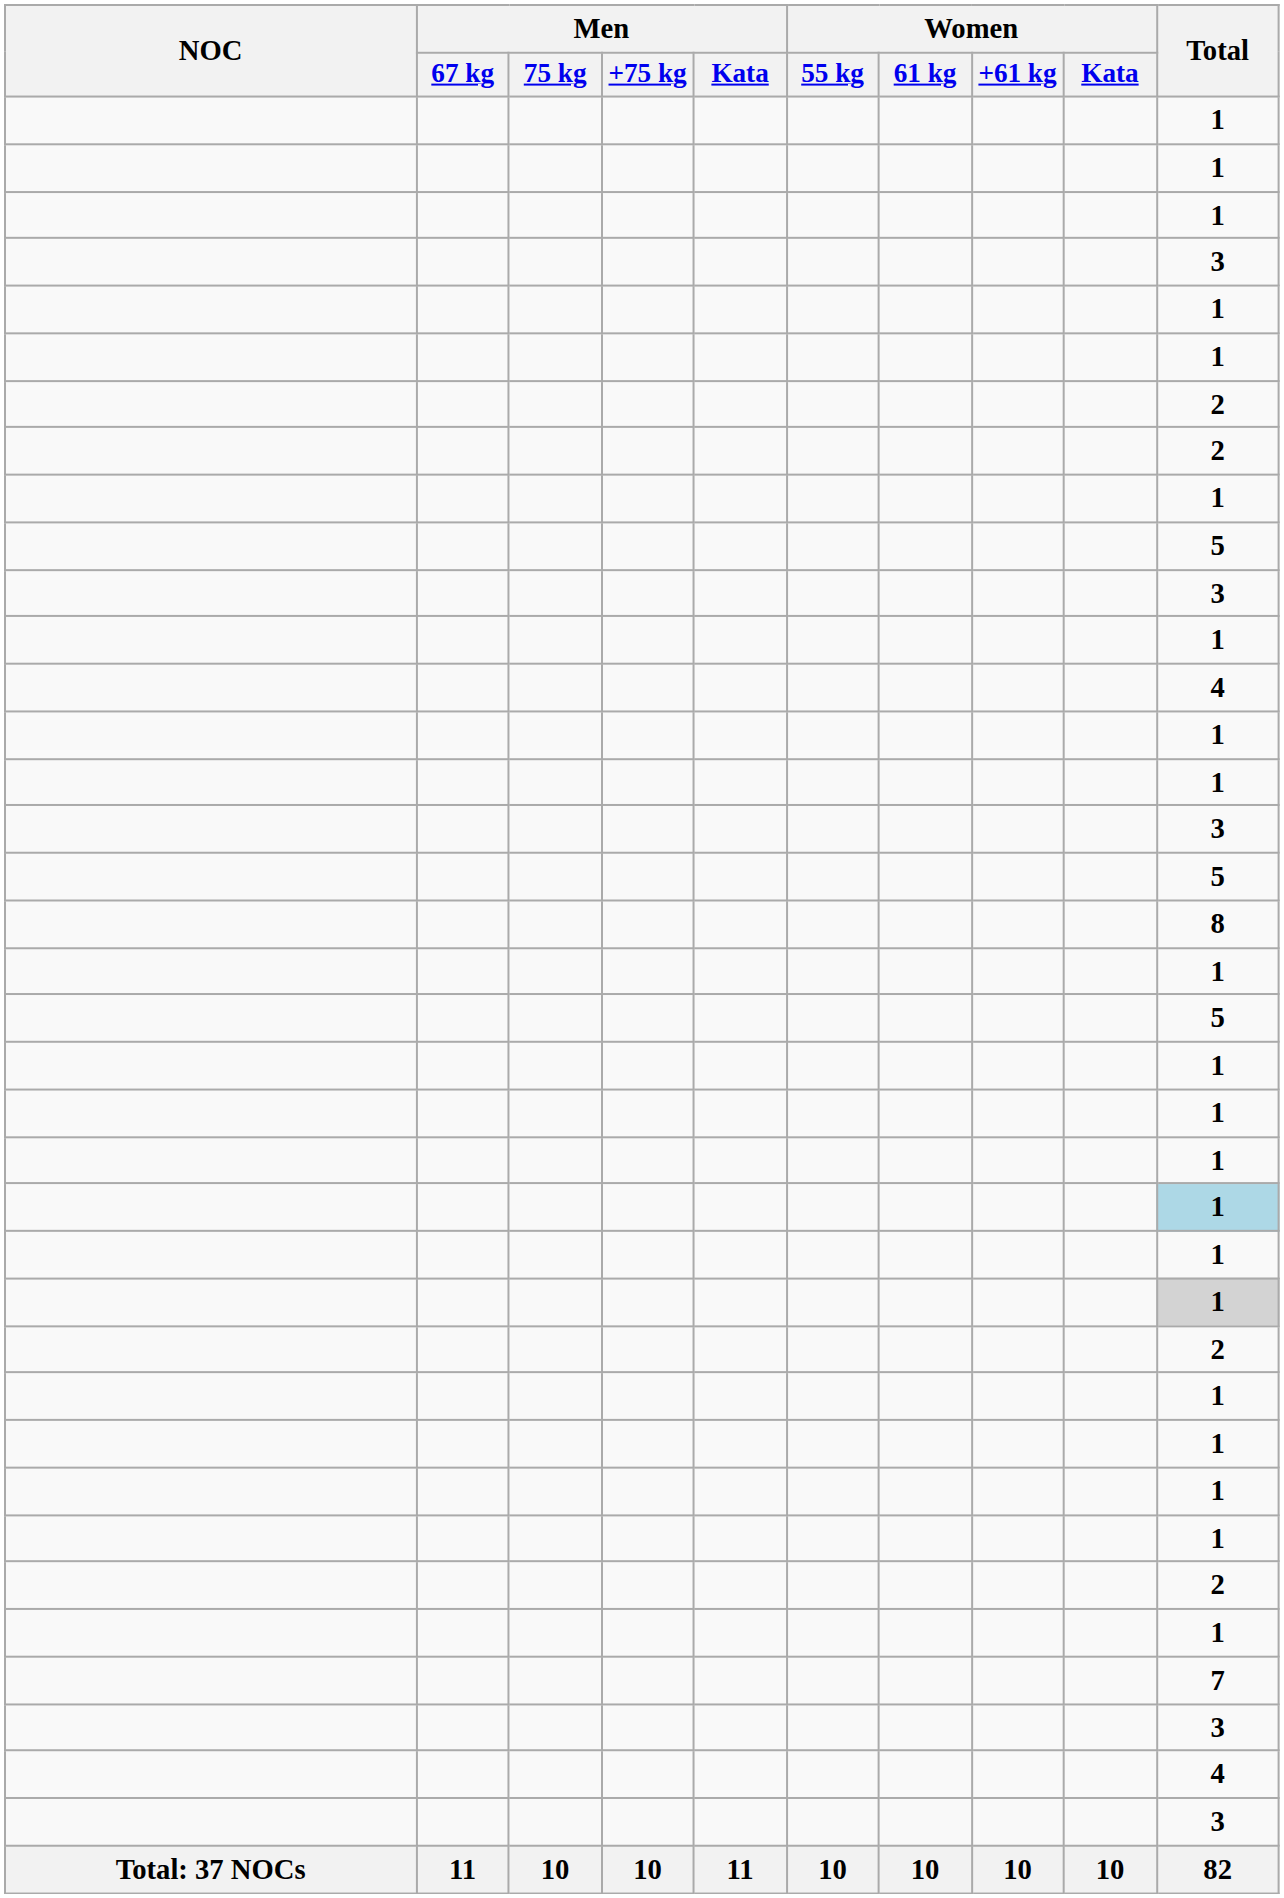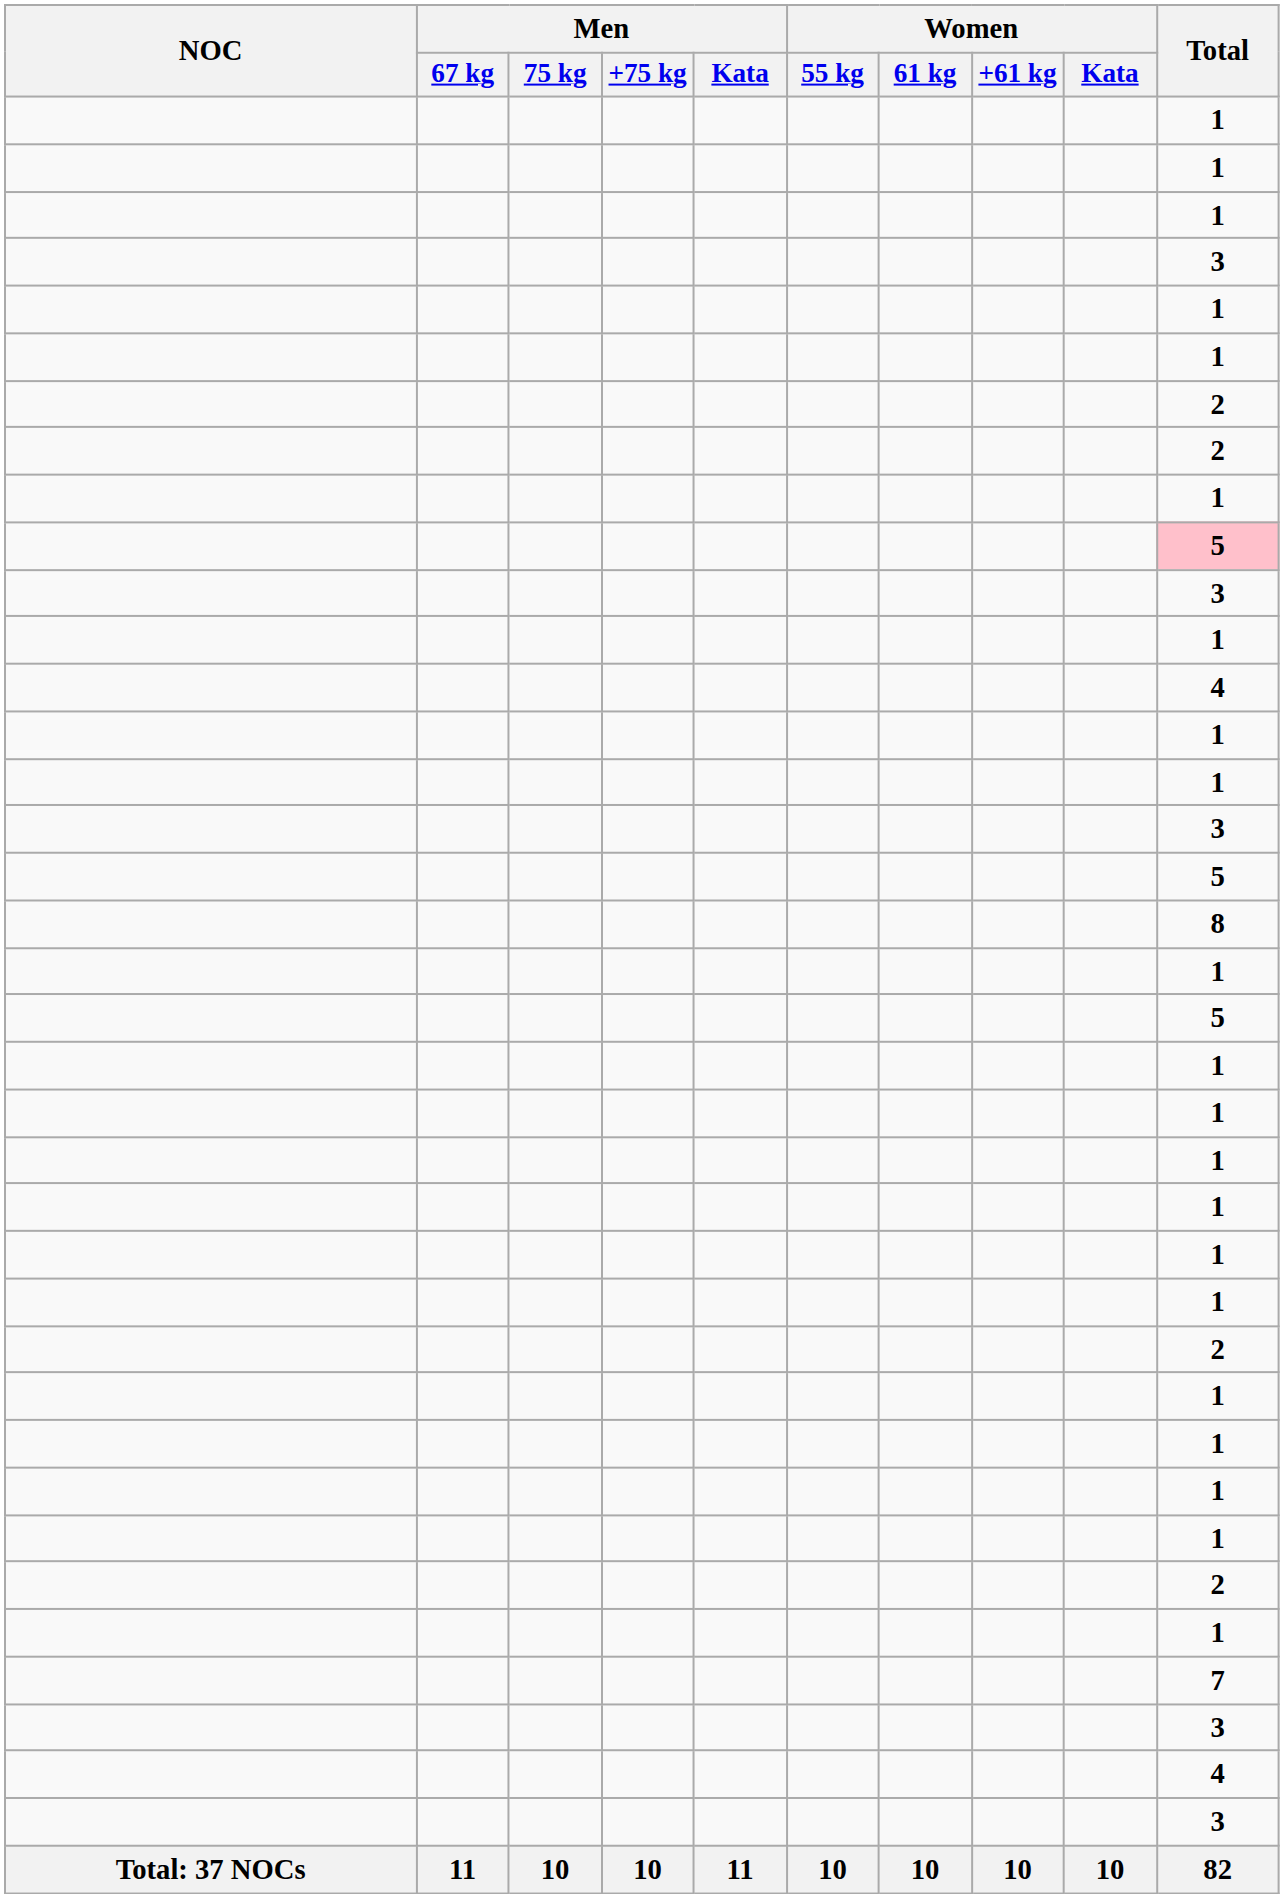 <table class="wikitable sortable" style="text-align:center; font-size:90%">
 <tr>
 <th rowspan="2" width=200 style="text-align:center;">NOC</th>
 <th colspan="4">Men</th>
 <th colspan="4">Women</th>
 <th width=55 rowspan="2">Total</th>
 </tr>
 <tr style="font-size:95%">
 <th width=40><a href='#'>67 kg</a></th>
 <th width=40><a href='#'>75 kg</a></th>
 <th width=40><a href='#'>+75 kg</a></th>
 <th width=40><a href='#'>Kata</a></th>
 <th width=40><a href='#'>55 kg</a></th>
 <th width=40><a href='#'>61 kg</a></th>
 <th width=40><a href='#'>+61 kg</a></th>
 <th width=40><a href='#'>Kata</a></th>
 </tr>
 <tr>
 <td align="left"></td>
 <td></td>
 <td></td>
 <td></td>
 <td></td>
 <td></td>
 <td></td>
 <td></td>
 <td></td>
 <td><strong>1</strong></td>
 </tr>
 <tr>
 <td align="left"></td>
 <td></td>
 <td></td>
 <td></td>
 <td></td>
 <td></td>
 <td></td>
 <td></td>
 <td></td>
 <td><strong>1</strong></td>
 </tr>
 <tr>
 <td align="left"></td>
 <td></td>
 <td></td>
 <td></td>
 <td></td>
 <td></td>
 <td></td>
 <td></td>
 <td></td>
 <td><strong>1</strong></td>
 </tr>
 <tr>
 <td align="left"></td>
 <td></td>
 <td></td>
 <td></td>
 <td></td>
 <td></td>
 <td></td>
 <td></td>
 <td></td>
 <td><strong>3</strong></td>
 </tr>
 <tr>
 <td align="left"></td>
 <td></td>
 <td></td>
 <td></td>
 <td></td>
 <td></td>
 <td></td>
 <td></td>
 <td></td>
 <td><strong>1</strong></td>
 </tr>
 <tr>
 <td align="left"></td>
 <td></td>
 <td></td>
 <td></td>
 <td></td>
 <td></td>
 <td></td>
 <td></td>
 <td></td>
 <td><strong>1</strong></td>
 </tr>
 <tr>
 <td align="left"></td>
 <td></td>
 <td></td>
 <td></td>
 <td></td>
 <td></td>
 <td></td>
 <td></td>
 <td></td>
 <td><strong>2</strong></td>
 </tr>
 <tr>
 <td align="left"></td>
 <td></td>
 <td></td>
 <td></td>
 <td></td>
 <td></td>
 <td></td>
 <td></td>
 <td></td>
 <td><strong>2</strong></td>
 </tr>
 <tr>
 <td align="left"></td>
 <td></td>
 <td></td>
 <td></td>
 <td></td>
 <td></td>
 <td></td>
 <td></td>
 <td></td>
 <td><strong>1</strong></td>
 </tr>
 <tr>
 <td align="left"></td>
 <td></td>
 <td></td>
 <td></td>
 <td></td>
 <td></td>
 <td></td>
 <td></td>
 <td></td>
-<td><strong>5</strong></td>
+<td style="background: pink;"><strong>5</strong></td>
 </tr>
 <tr>
 <td align="left"></td>
 <td></td>
 <td></td>
 <td></td>
 <td></td>
 <td></td>
 <td></td>
 <td></td>
 <td></td>
 <td><strong>3</strong></td>
 </tr>
 <tr>
 <td align="left"></td>
 <td></td>
 <td></td>
 <td></td>
 <td></td>
 <td></td>
 <td></td>
 <td></td>
 <td></td>
 <td><strong>1</strong></td>
 </tr>
 <tr>
 <td align="left"></td>
 <td></td>
 <td></td>
 <td></td>
 <td></td>
 <td></td>
 <td></td>
 <td></td>
 <td></td>
 <td><strong>4</strong></td>
 </tr>
 <tr>
 <td align="left"></td>
 <td></td>
 <td></td>
 <td></td>
 <td></td>
 <td></td>
 <td></td>
 <td></td>
 <td></td>
 <td><strong>1</strong></td>
 </tr>
 <tr>
 <td align="left"></td>
 <td></td>
 <td></td>
 <td></td>
 <td></td>
 <td></td>
 <td></td>
 <td></td>
 <td></td>
 <td><strong>1</strong></td>
 </tr>
 <tr>
 <td align="left"></td>
 <td></td>
 <td></td>
 <td></td>
 <td></td>
 <td></td>
 <td></td>
 <td></td>
 <td></td>
 <td><strong>3</strong></td>
 </tr>
 <tr>
 <td align="left"></td>
 <td></td>
 <td></td>
 <td></td>
 <td></td>
 <td></td>
 <td></td>
 <td></td>
 <td></td>
 <td><strong>5</strong></td>
 </tr>
 <tr>
 <td align="left"></td>
 <td></td>
 <td></td>
 <td></td>
 <td></td>
 <td></td>
 <td></td>
 <td></td>
 <td></td>
 <td><strong>8</strong></td>
 </tr>
 <tr>
 <td align="left"></td>
 <td></td>
 <td></td>
 <td></td>
 <td></td>
 <td></td>
 <td></td>
 <td></td>
 <td></td>
 <td><strong>1</strong></td>
 </tr>
 <tr>
 <td align="left"></td>
 <td></td>
 <td></td>
 <td></td>
 <td></td>
 <td></td>
 <td></td>
 <td></td>
 <td></td>
 <td><strong>5</strong></td>
 </tr>
 <tr>
 <td align="left"></td>
 <td></td>
 <td></td>
 <td></td>
 <td></td>
 <td></td>
 <td></td>
 <td></td>
 <td></td>
 <td><strong>1</strong></td>
 </tr>
 <tr>
 <td align="left"></td>
 <td></td>
 <td></td>
 <td></td>
 <td></td>
 <td></td>
 <td></td>
 <td></td>
 <td></td>
 <td><strong>1</strong></td>
 </tr>
 <tr>
 <td align="left"></td>
 <td></td>
 <td></td>
 <td></td>
 <td></td>
 <td></td>
 <td></td>
 <td></td>
 <td></td>
 <td><strong>1</strong></td>
 </tr>
 <tr>
 <td align="left"></td>
 <td></td>
 <td></td>
 <td></td>
 <td></td>
 <td></td>
 <td></td>
 <td></td>
 <td></td>
-<td style="background: lightblue;"><strong>1</strong></td>
+<td><strong>1</strong></td>
 </tr>
 <tr>
 <td align="left"></td>
 <td></td>
 <td></td>
 <td></td>
 <td></td>
 <td></td>
 <td></td>
 <td></td>
 <td></td>
 <td><strong>1</strong></td>
 </tr>
 <tr>
 <td align="left"></td>
 <td></td>
 <td></td>
 <td></td>
 <td></td>
 <td></td>
 <td></td>
 <td></td>
 <td></td>
-<td style="background: lightgrey;"><strong>1</strong></td>
+<td><strong>1</strong></td>
 </tr>
 <tr>
 <td align="left"></td>
 <td></td>
 <td></td>
 <td></td>
 <td></td>
 <td></td>
 <td></td>
 <td></td>
 <td></td>
 <td><strong>2</strong></td>
 </tr>
 <tr>
 <td align="left"></td>
 <td></td>
 <td></td>
 <td></td>
 <td></td>
 <td></td>
 <td></td>
 <td></td>
 <td></td>
 <td><strong>1</strong></td>
 </tr>
 <tr>
 <td align="left"></td>
 <td></td>
 <td></td>
 <td></td>
 <td></td>
 <td></td>
 <td></td>
 <td></td>
 <td></td>
 <td><strong>1</strong></td>
 </tr>
 <tr>
 <td align="left"></td>
 <td></td>
 <td></td>
 <td></td>
 <td></td>
 <td></td>
 <td></td>
 <td></td>
 <td></td>
 <td><strong>1</strong></td>
 </tr>
 <tr>
 <td align="left"></td>
 <td></td>
 <td></td>
 <td></td>
 <td></td>
 <td></td>
 <td></td>
 <td></td>
 <td></td>
 <td><strong>1</strong></td>
 </tr>
 <tr>
 <td align="left"></td>
 <td></td>
 <td></td>
 <td></td>
 <td></td>
 <td></td>
 <td></td>
 <td></td>
 <td></td>
 <td><strong>2</strong></td>
 </tr>
 <tr>
 <td align="left"></td>
 <td></td>
 <td></td>
 <td></td>
 <td></td>
 <td></td>
 <td></td>
 <td></td>
 <td></td>
 <td><strong>1</strong></td>
 </tr>
 <tr>
 <td align="left"></td>
 <td></td>
 <td></td>
 <td></td>
 <td></td>
 <td></td>
 <td></td>
 <td></td>
 <td></td>
 <td><strong>7</strong></td>
 </tr>
 <tr>
 <td align="left"></td>
 <td></td>
 <td></td>
 <td></td>
 <td></td>
 <td></td>
 <td></td>
 <td></td>
 <td></td>
 <td><strong>3</strong></td>
 </tr>
 <tr>
 <td align="left"></td>
 <td></td>
 <td></td>
 <td></td>
 <td></td>
 <td></td>
 <td></td>
 <td></td>
 <td></td>
 <td><strong>4</strong></td>
 </tr>
 <tr>
 <td align="left"></td>
 <td></td>
 <td></td>
 <td></td>
 <td></td>
 <td></td>
 <td></td>
 <td></td>
 <td></td>
 <td><strong>3</strong></td>
 </tr>
 <tr>
 <th>Total: 37 NOCs</th>
 <th>11</th>
 <th>10</th>
 <th>10</th>
 <th>11</th>
 <th>10</th>
 <th>10</th>
 <th>10</th>
 <th>10</th>
 <th>82</th>
 </tr>
 </table>
